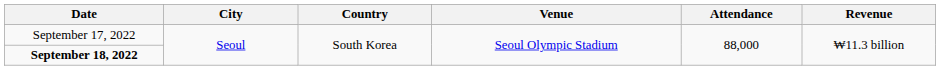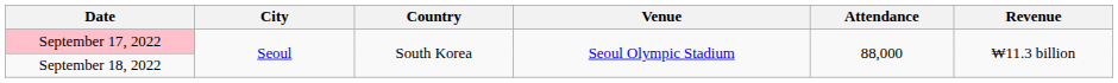 <table class="wikitable plainrowheaders" style="text-align:center;">
 <tr>
 <th scope="col" style="width:12em;">Date</th>
 <th scope="col" style="width:10em;">City</th>
 <th scope="col" style="width:10em;">Country</th>
 <th scope="col" style="width:19em;">Venue</th>
 <th scope="col" style="width:9em;">Attendance</th>
 <th scope="col" style="width:10em;">Revenue</th>
 </tr>
 <tr>
-<td>September 17, 2022</td>
+<td style="background: pink;">September 17, 2022</td>
 <td rowspan="2"><a href='#'>Seoul</a></td>
 <td rowspan="2">South Korea</td>
 <td rowspan="2"><a href='#'>Seoul Olympic Stadium</a></td>
 <td rowspan="2">88,000</td>
 <td rowspan="2">₩11.3 billion</td>
 </tr>
 <tr>
-<td><strong>September 18, 2022</strong></td>
+<td>September 18, 2022</td>
 </tr>
 </table>
